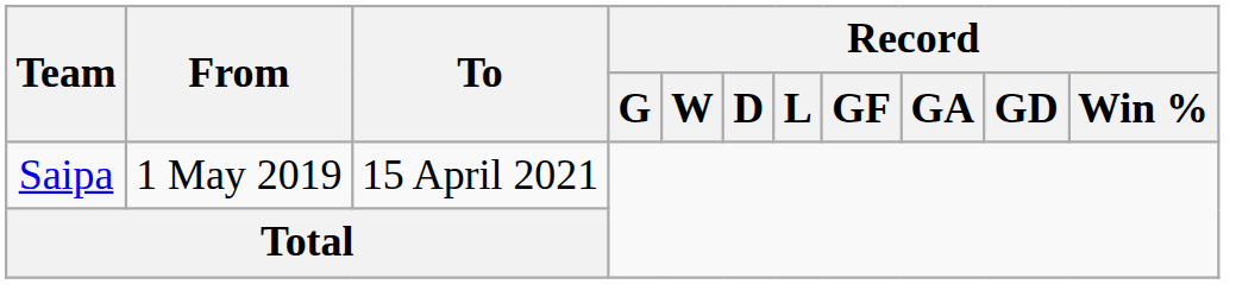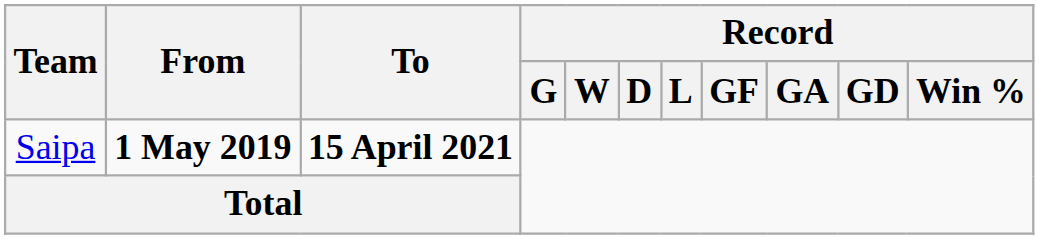 <table class="wikitable" style="text-align: center">
 <tr>
 <th rowspan="2">Team</th>
 <th rowspan="2">From</th>
 <th rowspan="2">To</th>
 <th colspan="8">Record</th>
 </tr>
 <tr>
 <th>G</th>
 <th>W</th>
 <th>D</th>
 <th>L</th>
 <th>GF</th>
 <th>GA</th>
 <th>GD</th>
 <th>Win %</th>
 </tr>
 <tr>
 <td><a href='#'>Saipa</a></td>
-<td>1 May 2019</td>
-<td>15 April 2021<br></td>
+<td><strong>1 May 2019</strong></td>
+<td><strong>15 April 2021<br></strong></td>
 </tr>
 <tr>
 <th colspan="3">Total<br></th>
 </tr>
 </table>
